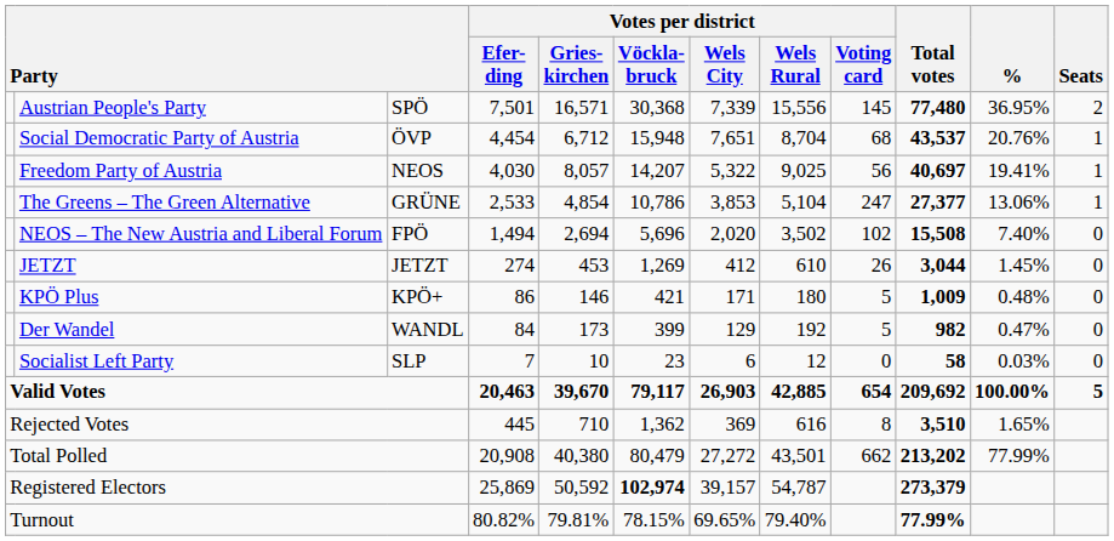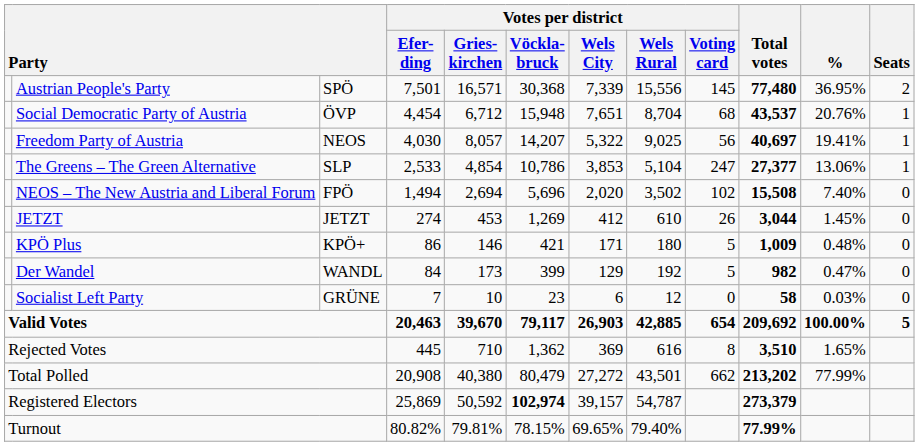 <table class="wikitable" border="1" style="text-align:right;">
 <tr>
 <th style="text-align:left;" valign=bottom rowspan=2 colspan=3>Party</th>
 <th colspan=6>Votes per district</th>
 <th align=center valign=bottom rowspan=2 width="50">Total<br>votes</th>
 <th align=center valign=bottom rowspan=2 width="50">%</th>
 <th align=center valign=bottom rowspan=2>Seats</th>
 </tr>
 <tr>
 <th align=center valign=bottom width="50"><a href='#'>Efer-<br>ding</a></th>
 <th align=center valign=bottom width="50"><a href='#'>Gries-<br>kirchen</a></th>
 <th align=center valign=bottom width="50"><a href='#'>Vöckla-<br>bruck</a></th>
 <th align=center valign=bottom width="50"><a href='#'>Wels<br>City</a></th>
 <th align=center valign=bottom width="50"><a href='#'>Wels<br>Rural</a></th>
 <th align=center valign=bottom width="50"><a href='#'>Voting<br>card</a></th>
 </tr>
 <tr>
 <td></td>
 <td align=left><a href='#'>Austrian People's Party</a></td>
 <td align=left>SPÖ</td>
 <td>7,501</td>
 <td>16,571</td>
 <td>30,368</td>
 <td>7,339</td>
 <td>15,556</td>
 <td>145</td>
 <td><strong>77,480</strong></td>
 <td>36.95%</td>
 <td>2</td>
 </tr>
 <tr>
 <td></td>
 <td align=left><a href='#'>Social Democratic Party of Austria</a></td>
 <td align=left>ÖVP</td>
 <td>4,454</td>
 <td>6,712</td>
 <td>15,948</td>
 <td>7,651</td>
 <td>8,704</td>
 <td>68</td>
 <td><strong>43,537</strong></td>
 <td>20.76%</td>
 <td>1</td>
 </tr>
 <tr>
 <td></td>
 <td align=left><a href='#'>Freedom Party of Austria</a></td>
 <td align=left>NEOS</td>
 <td>4,030</td>
 <td>8,057</td>
 <td>14,207</td>
 <td>5,322</td>
 <td>9,025</td>
 <td>56</td>
 <td><strong>40,697</strong></td>
 <td>19.41%</td>
 <td>1</td>
 </tr>
 <tr>
 <td></td>
 <td align=left><a href='#'>The Greens – The Green Alternative</a></td>
-<td align=left>GRÜNE</td>
+<td align=left>SLP</td>
 <td>2,533</td>
 <td>4,854</td>
 <td>10,786</td>
 <td>3,853</td>
 <td>5,104</td>
 <td>247</td>
 <td><strong>27,377</strong></td>
 <td>13.06%</td>
 <td>1</td>
 </tr>
 <tr>
 <td></td>
 <td align=left style="white-space: nowrap;"><a href='#'>NEOS – The New Austria and Liberal Forum</a></td>
 <td align=left>FPÖ</td>
 <td>1,494</td>
 <td>2,694</td>
 <td>5,696</td>
 <td>2,020</td>
 <td>3,502</td>
 <td>102</td>
 <td><strong>15,508</strong></td>
 <td>7.40%</td>
 <td>0</td>
 </tr>
 <tr>
 <td></td>
 <td align=left><a href='#'>JETZT</a></td>
 <td align=left>JETZT</td>
 <td>274</td>
 <td>453</td>
 <td>1,269</td>
 <td>412</td>
 <td>610</td>
 <td>26</td>
 <td><strong>3,044</strong></td>
 <td>1.45%</td>
 <td>0</td>
 </tr>
 <tr>
 <td></td>
 <td align=left><a href='#'>KPÖ Plus</a></td>
 <td align=left>KPÖ+</td>
 <td>86</td>
 <td>146</td>
 <td>421</td>
 <td>171</td>
 <td>180</td>
 <td>5</td>
 <td><strong>1,009</strong></td>
 <td>0.48%</td>
 <td>0</td>
 </tr>
 <tr>
 <td></td>
 <td align=left><a href='#'>Der Wandel</a></td>
 <td align=left>WANDL</td>
 <td>84</td>
 <td>173</td>
 <td>399</td>
 <td>129</td>
 <td>192</td>
 <td>5</td>
 <td><strong>982</strong></td>
 <td>0.47%</td>
 <td>0</td>
 </tr>
 <tr>
 <td></td>
 <td align=left><a href='#'>Socialist Left Party</a></td>
-<td align=left>SLP</td>
+<td align=left>GRÜNE</td>
 <td>7</td>
 <td>10</td>
 <td>23</td>
 <td>6</td>
 <td>12</td>
 <td>0</td>
 <td><strong>58</strong></td>
 <td>0.03%</td>
 <td>0</td>
 </tr>
 <tr style="font-weight:bold">
 <td align=left colspan=3>Valid Votes</td>
 <td>20,463</td>
 <td>39,670</td>
 <td>79,117</td>
 <td>26,903</td>
 <td>42,885</td>
 <td>654</td>
 <td>209,692</td>
 <td>100.00%</td>
 <td>5</td>
 </tr>
 <tr>
 <td align=left colspan=3>Rejected Votes</td>
 <td>445</td>
 <td>710</td>
 <td>1,362</td>
 <td>369</td>
 <td>616</td>
 <td>8</td>
 <td><strong>3,510</strong></td>
 <td>1.65%</td>
 <td></td>
 </tr>
 <tr>
 <td align=left colspan=3>Total Polled</td>
 <td>20,908</td>
 <td>40,380</td>
 <td>80,479</td>
 <td>27,272</td>
 <td>43,501</td>
 <td>662</td>
 <td><strong>213,202</strong></td>
 <td>77.99%</td>
 <td></td>
 </tr>
 <tr>
 <td align=left colspan=3>Registered Electors</td>
 <td>25,869</td>
 <td>50,592</td>
 <td><strong>102,974</strong></td>
 <td>39,157</td>
 <td>54,787</td>
 <td></td>
 <td><strong>273,379</strong></td>
 <td></td>
 <td></td>
 </tr>
 <tr>
 <td align=left colspan=3>Turnout</td>
 <td>80.82%</td>
 <td>79.81%</td>
 <td>78.15%</td>
 <td>69.65%</td>
 <td>79.40%</td>
 <td></td>
 <td><strong>77.99%</strong></td>
 <td></td>
 <td></td>
 </tr>
 </table>
